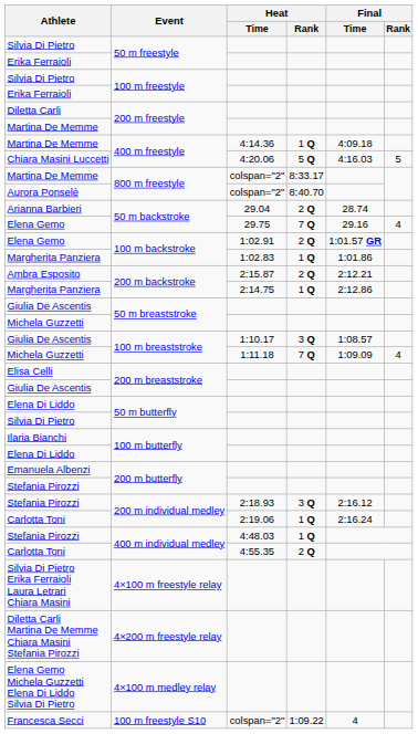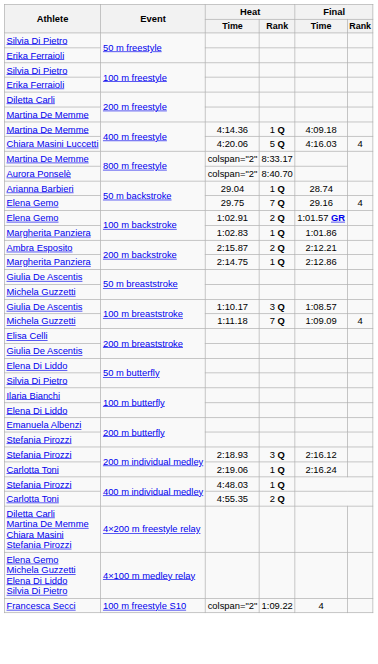 <table class=wikitable style="font-size:90%">
 <tr>
 <th rowspan="2">Athlete</th>
 <th rowspan="2">Event</th>
 <th colspan="2">Heat</th>
 <th colspan="2">Final</th>
 </tr>
 <tr style="font-size:95%">
 <th>Time</th>
 <th>Rank</th>
 <th>Time</th>
 <th>Rank</th>
 </tr>
 <tr align=center>
 <td align=left><a href='#'>Silvia Di Pietro</a></td>
 <td align=left rowspan=2><a href='#'>50 m freestyle</a></td>
 <td></td>
 <td></td>
 <td></td>
 <td></td>
 </tr>
 <tr align=center>
 <td align=left><a href='#'>Erika Ferraioli</a></td>
 <td></td>
 <td></td>
 <td></td>
 <td></td>
 </tr>
 <tr align=center>
 <td align=left><a href='#'>Silvia Di Pietro</a></td>
 <td align=left rowspan=2><a href='#'>100 m freestyle</a></td>
 <td></td>
 <td></td>
 <td></td>
 <td></td>
 </tr>
 <tr align=center>
 <td align=left><a href='#'>Erika Ferraioli</a></td>
 <td></td>
 <td></td>
 <td></td>
 <td></td>
 </tr>
 <tr align=center>
 <td align=left><a href='#'>Diletta Carli</a></td>
 <td align=left rowspan=2><a href='#'>200 m freestyle</a></td>
 <td></td>
 <td></td>
 <td></td>
 <td></td>
 </tr>
 <tr align=center>
 <td align=left><a href='#'>Martina De Memme</a></td>
 <td></td>
 <td></td>
 <td></td>
 <td></td>
 </tr>
 <tr align=center>
 <td align=left><a href='#'>Martina De Memme</a></td>
 <td align=left rowspan=2><a href='#'>400 m freestyle</a></td>
 <td>4:14.36</td>
 <td>1 <strong>Q</strong></td>
 <td>4:09.18</td>
 <td></td>
 </tr>
 <tr align=center>
 <td align=left><a href='#'>Chiara Masini Luccetti</a></td>
 <td>4:20.06</td>
 <td>5 <strong>Q</strong></td>
 <td>4:16.03</td>
-<td>5</td>
+<td>4</td>
 </tr>
 <tr align=center>
 <td align=left><a href='#'>Martina De Memme</a></td>
 <td align=left rowspan=2><a href='#'>800 m freestyle</a></td>
 <td>colspan="2" </td>
 <td>8:33.17</td>
 <td></td>
 </tr>
 <tr align=center>
 <td align=left><a href='#'>Aurora Ponselè</a></td>
 <td>colspan="2" </td>
 <td>8:40.70</td>
 <td></td>
 </tr>
 <tr align=center>
 <td align=left><a href='#'>Arianna Barbieri</a></td>
 <td align=left rowspan=2><a href='#'>50 m backstroke</a></td>
 <td>29.04</td>
-<td>2 <strong>Q</strong></td>
+<td>1 <strong>Q</strong></td>
 <td>28.74</td>
 <td></td>
 </tr>
 <tr align=center>
 <td align=left><a href='#'>Elena Gemo</a></td>
 <td>29.75</td>
 <td>7 <strong>Q</strong></td>
 <td>29.16</td>
 <td>4</td>
 </tr>
 <tr align=center>
 <td align=left><a href='#'>Elena Gemo</a></td>
 <td align=left rowspan=2><a href='#'>100 m backstroke</a></td>
 <td>1:02.91</td>
 <td>2 <strong>Q</strong></td>
 <td>1:01.57 <strong><a href='#'>GR</a></strong></td>
 <td></td>
 </tr>
 <tr align=center>
 <td align=left><a href='#'>Margherita Panziera</a></td>
 <td>1:02.83</td>
 <td>1 <strong>Q</strong></td>
 <td>1:01.86</td>
 <td></td>
 </tr>
 <tr align=center>
 <td align=left><a href='#'>Ambra Esposito</a></td>
 <td align=left rowspan=2><a href='#'>200 m backstroke</a></td>
 <td>2:15.87</td>
 <td>2 <strong>Q</strong></td>
 <td>2:12.21</td>
 <td></td>
 </tr>
 <tr align=center>
 <td align=left><a href='#'>Margherita Panziera</a></td>
 <td>2:14.75</td>
 <td>1 <strong>Q</strong></td>
 <td>2:12.86</td>
 <td></td>
 </tr>
 <tr align=center>
 <td align=left><a href='#'>Giulia De Ascentis</a></td>
 <td align=left rowspan=2><a href='#'>50 m breaststroke</a></td>
 <td></td>
 <td></td>
 <td></td>
 <td></td>
 </tr>
 <tr align=center>
 <td align=left><a href='#'>Michela Guzzetti</a></td>
 <td></td>
 <td></td>
 <td></td>
 <td></td>
 </tr>
 <tr align=center>
 <td align=left><a href='#'>Giulia De Ascentis</a></td>
 <td align=left rowspan=2><a href='#'>100 m breaststroke</a></td>
 <td>1:10.17</td>
 <td>3 <strong>Q</strong></td>
 <td>1:08.57</td>
 <td></td>
 </tr>
 <tr align=center>
 <td align=left><a href='#'>Michela Guzzetti</a></td>
 <td>1:11.18</td>
 <td>7 <strong>Q</strong></td>
 <td>1:09.09</td>
 <td>4</td>
 </tr>
 <tr align=center>
 <td align=left><a href='#'>Elisa Celli</a></td>
 <td align=left rowspan=2><a href='#'>200 m breaststroke</a></td>
 <td></td>
 <td></td>
 <td></td>
 <td></td>
 </tr>
 <tr align=center>
 <td align=left><a href='#'>Giulia De Ascentis</a></td>
 <td></td>
 <td></td>
 <td></td>
 <td></td>
 </tr>
 <tr align=center>
 <td align=left><a href='#'>Elena Di Liddo</a></td>
 <td align=left rowspan=2><a href='#'>50 m butterfly</a></td>
 <td></td>
 <td></td>
 <td></td>
 <td></td>
 </tr>
 <tr align=center>
 <td align=left><a href='#'>Silvia Di Pietro</a></td>
 <td></td>
 <td></td>
 <td></td>
 <td></td>
 </tr>
 <tr align=center>
 <td align=left><a href='#'>Ilaria Bianchi</a></td>
 <td align=left rowspan=2><a href='#'>100 m butterfly</a></td>
 <td></td>
 <td></td>
 <td></td>
 <td></td>
 </tr>
 <tr align=center>
 <td align=left><a href='#'>Elena Di Liddo</a></td>
 <td></td>
 <td></td>
 <td></td>
 <td></td>
 </tr>
 <tr align=center>
 <td align=left><a href='#'>Emanuela Albenzi</a></td>
 <td align=left rowspan=2><a href='#'>200 m butterfly</a></td>
 <td></td>
 <td></td>
 <td></td>
 <td></td>
 </tr>
 <tr align=center>
 <td align=left><a href='#'>Stefania Pirozzi</a></td>
 <td></td>
 <td></td>
 <td></td>
 <td></td>
 </tr>
 <tr align=center>
 <td align=left><a href='#'>Stefania Pirozzi</a></td>
 <td align=left rowspan=2><a href='#'>200 m individual medley</a></td>
 <td>2:18.93</td>
 <td>3 <strong>Q</strong></td>
 <td>2:16.12</td>
 <td></td>
 </tr>
 <tr align=center>
 <td align=left><a href='#'>Carlotta Toni</a></td>
 <td>2:19.06</td>
 <td>1 <strong>Q</strong></td>
 <td>2:16.24</td>
 <td></td>
 </tr>
 <tr align=center>
 <td align=left><a href='#'>Stefania Pirozzi</a></td>
 <td align=left rowspan=2><a href='#'>400 m individual medley</a></td>
 <td>4:48.03</td>
 <td>1 <strong>Q</strong></td>
 <td colspan="2"></td>
 </tr>
 <tr align=center>
 <td align=left><a href='#'>Carlotta Toni</a></td>
 <td>4:55.35</td>
 <td>2 <strong>Q</strong></td>
 <td colspan="2"></td>
 </tr>
 <tr align=center>
-<td align=left><a href='#'>Silvia Di Pietro</a><br><a href='#'>Erika Ferraioli</a><br><a href='#'>Laura Letrari</a><br><a href='#'>Chiara Masini</a></td>
-<td align=left><a href='#'>4×100 m freestyle relay</a></td>
-<td></td>
-<td></td>
-<td></td>
-<td></td>
-</tr>
-<tr align=center>
 <td align=left><a href='#'>Diletta Carli</a><br><a href='#'>Martina De Memme</a><br><a href='#'>Chiara Masini</a><br><a href='#'>Stefania Pirozzi</a></td>
 <td align=left><a href='#'>4×200 m freestyle relay</a></td>
 <td></td>
 <td></td>
 <td></td>
 <td></td>
 </tr>
 <tr align=center>
 <td align=left><a href='#'>Elena Gemo</a><br><a href='#'>Michela Guzzetti</a><br><a href='#'>Elena Di Liddo</a><br><a href='#'>Silvia Di Pietro</a></td>
 <td align=left><a href='#'>4×100 m medley relay</a></td>
 <td></td>
 <td></td>
 <td></td>
 <td></td>
 </tr>
 <tr align=center>
 <td align=left><a href='#'>Francesca Secci</a></td>
 <td align=left><a href='#'>100 m freestyle S10</a></td>
 <td>colspan="2" </td>
 <td>1:09.22</td>
 <td>4</td>
 </tr>
 </table>
